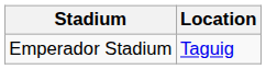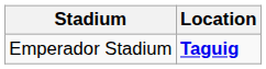 <table class="wikitable sortable" style="float:left; margin-right:1em">
 <tr>
 <th>Stadium</th>
 <th>Location</th>
 </tr>
 <tr>
 <td>Emperador Stadium</td>
-<td><a href='#'>Taguig</a></td>
+<td><strong><a href='#'>Taguig</a></strong></td>
 </tr>
 </table>
